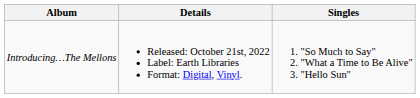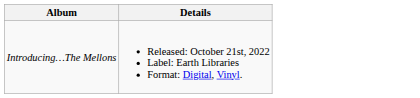 <table class="wikitable">
 <tr>
 <th>Album</th>
 <th>Details</th>
-<th>Singles</th>
 </tr>
 <tr>
 <td><em>Introducing…The Mellons</em></td>
 <td><br><ul><li>Released: October 21st, 2022</li><li>Label: Earth Libraries</li><li>Format: <a href='#'>Digital</a>, <a href='#'>Vinyl</a>.</li></ul></td>
-<td><br><ol><li>"So Much to Say"</li><li>"What a Time to Be Alive"</li><li>"Hello Sun"</li></ol></td>
 </tr>
 </table>
